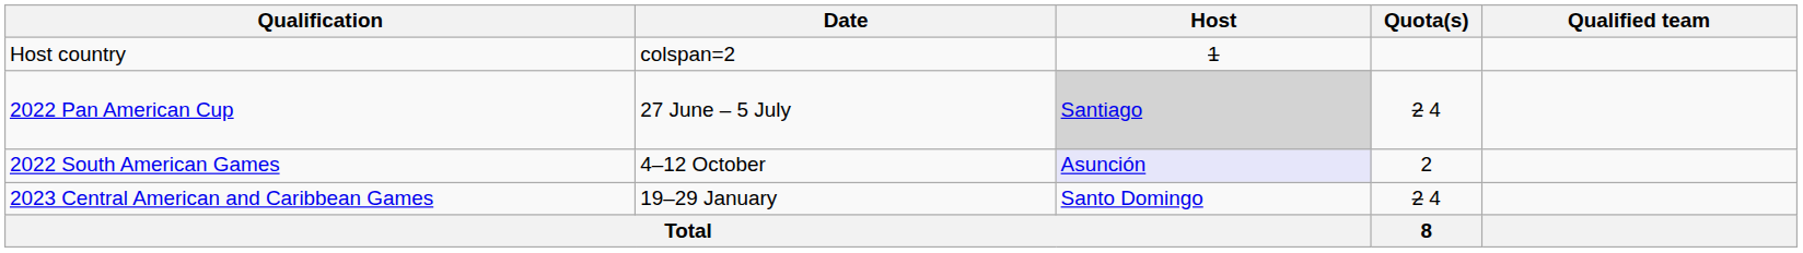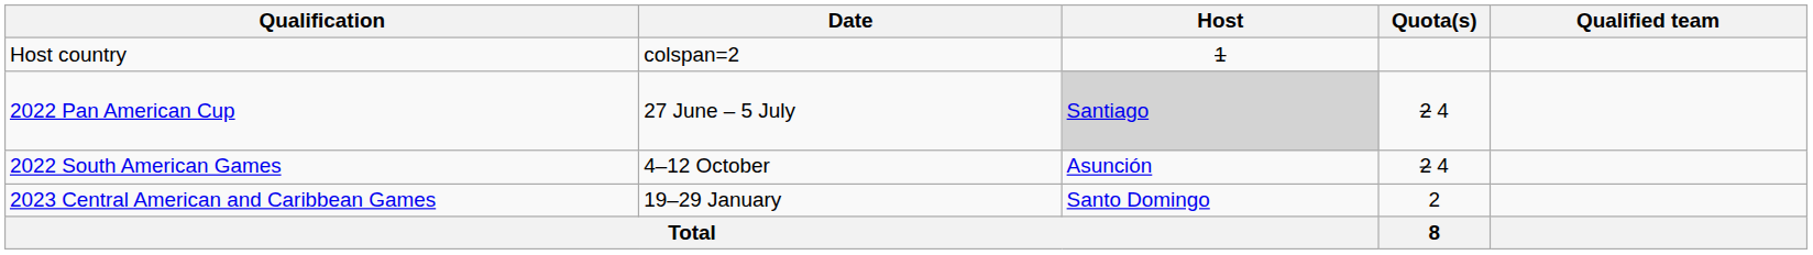 <table class="wikitable" width=70%>
 <tr>
 <th width=30%>Qualification</th>
 <th width=20%>Date</th>
 <th width=15%>Host</th>
 <th width=5%>Quota(s)</th>
 <th width=15%>Qualified team</th>
 </tr>
 <tr>
 <td>Host country</td>
 <td>colspan=2 </td>
 <td align=center><s>1</s></td>
 <td></td>
 </tr>
 <tr>
 <td><a href='#'>2022 Pan American Cup</a></td>
 <td>27 June – 5 July</td>
 <td style="background: lightgrey;"> <a href='#'>Santiago</a></td>
 <td align=center><s>2</s> 4</td>
 <td><br><br><br></td>
 </tr>
 <tr>
 <td><a href='#'>2022 South American Games</a></td>
 <td>4–12 October</td>
-<td style="background: lavender;"> <a href='#'>Asunción</a></td>
-<td align=center>2</td>
+<td> <a href='#'>Asunción</a></td>
+<td align=center><s>2</s> 4</td>
 <td><br></td>
 </tr>
 <tr>
 <td><a href='#'>2023 Central American and Caribbean Games</a></td>
 <td>19–29 January</td>
 <td> <a href='#'>Santo Domingo</a></td>
-<td align=center><s>2</s> 4</td>
+<td align=center>2</td>
 <td><br></td>
 </tr>
 <tr>
 <th colspan=3>Total</th>
 <th>8</th>
 <th></th>
 </tr>
 </table>
